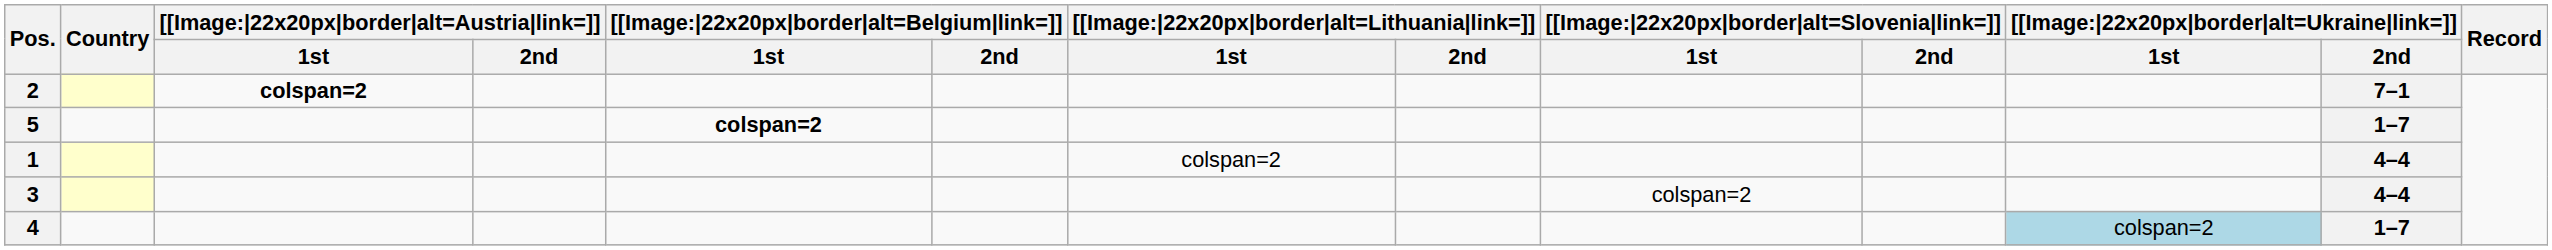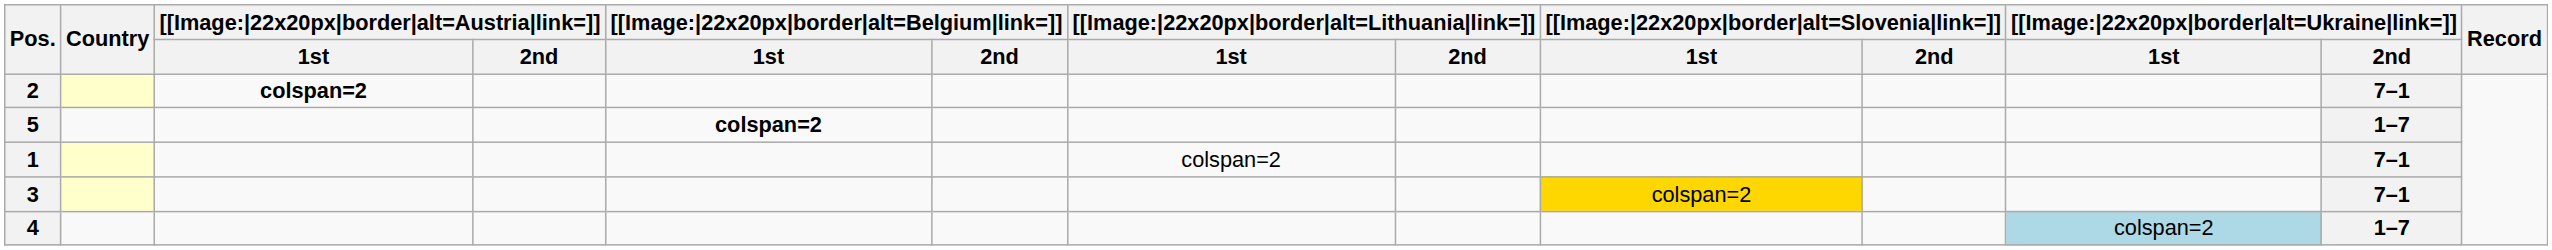 <table class="wikitable sortable nowrap" style="text-align:center; font-size:0.9em;">
 <tr>
 <th rowspan="2">Pos.</th>
 <th rowspan="2">Country</th>
 <th colspan="2">[[Image:|22x20px|border|alt=Austria|link=]]</th>
 <th colspan="2">[[Image:|22x20px|border|alt=Belgium|link=]]</th>
 <th colspan="2">[[Image:|22x20px|border|alt=Lithuania|link=]]</th>
 <th colspan="2">[[Image:|22x20px|border|alt=Slovenia|link=]]</th>
 <th colspan="2">[[Image:|22x20px|border|alt=Ukraine|link=]]</th>
 <th rowspan="2">Record</th>
 </tr>
 <tr>
 <th>1st</th>
 <th>2nd</th>
 <th>1st</th>
 <th>2nd</th>
 <th>1st</th>
 <th>2nd</th>
 <th>1st</th>
 <th>2nd</th>
 <th>1st</th>
 <th>2nd</th>
 </tr>
 <tr>
 <th>2</th>
 <td style="text-align:left; background:#ffffcc;"></td>
 <td><strong>colspan=2  </strong></td>
 <td> </td>
 <td> </td>
 <td> </td>
 <td> </td>
 <td> </td>
 <td> </td>
 <td> </td>
 <td> </td>
 <th>7–1</th>
 </tr>
 <tr>
 <th>5</th>
 <td style="text-align:left;"></td>
 <td> </td>
 <td> </td>
 <td><strong>colspan=2  </strong></td>
 <td> </td>
 <td> </td>
 <td> </td>
 <td> </td>
 <td> </td>
 <td> </td>
 <th>1–7</th>
 </tr>
 <tr>
 <th>1</th>
 <td style="text-align:left; background:#ffffcc;"></td>
 <td> </td>
 <td> </td>
 <td> </td>
 <td> </td>
 <td>colspan=2  </td>
 <td> </td>
 <td> </td>
 <td> </td>
 <td> </td>
-<th>4–4</th>
+<th>7–1</th>
 </tr>
 <tr>
 <th>3</th>
 <td style="text-align:left; background:#ffffcc;"></td>
 <td> </td>
 <td> </td>
 <td> </td>
 <td> </td>
 <td> </td>
 <td> </td>
-<td>colspan=2  </td>
+<td style="background: gold;">colspan=2  </td>
 <td> </td>
 <td> </td>
-<th>4–4</th>
+<th>7–1</th>
 </tr>
 <tr>
 <th>4</th>
 <td style="text-align:left;"></td>
 <td> </td>
 <td> </td>
 <td> </td>
 <td> </td>
 <td> </td>
 <td> </td>
 <td> </td>
 <td> </td>
 <td style="background: lightblue;">colspan=2  </td>
 <th>1–7</th>
 </tr>
 </table>
